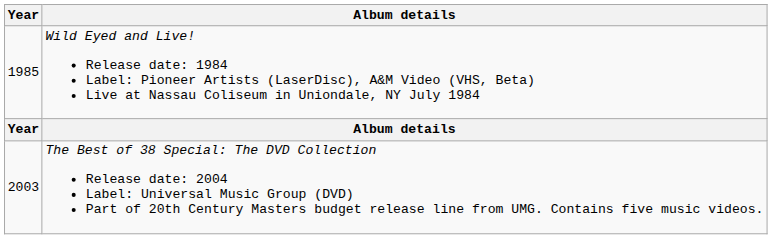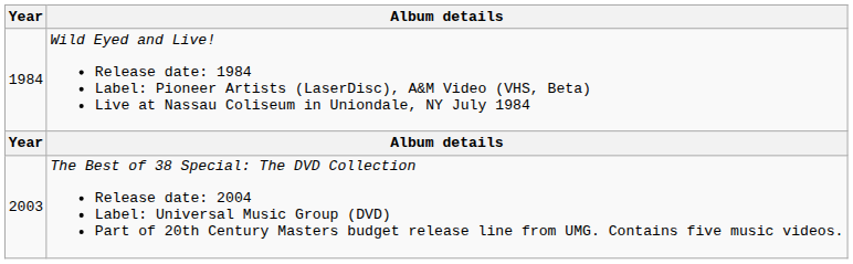 <table class="wikitable" style="text-align:center;">
 <tr>
 <th>Year</th>
 <th>Album details</th>
 </tr>
 <tr>
-<td>1985</td>
+<td>1984</td>
 <td style="text-align:left;"><em>Wild Eyed and Live!</em><br><ul><li>Release date: 1984</li><li>Label: Pioneer Artists (LaserDisc), A&M Video (VHS, Beta)</li><li>Live at Nassau Coliseum in Uniondale, NY July 1984</li></ul></td>
 </tr>
 <tr>
 <th>Year</th>
 <th>Album details</th>
 </tr>
 <tr>
 <td>2003</td>
 <td style="text-align:left;"><em>The Best of 38 Special: The DVD Collection</em><br><ul><li>Release date: 2004</li><li>Label: Universal Music Group (DVD)</li><li>Part of 20th Century Masters budget release line from UMG.  Contains five music videos.</li></ul></td>
 </tr>
 </table>
